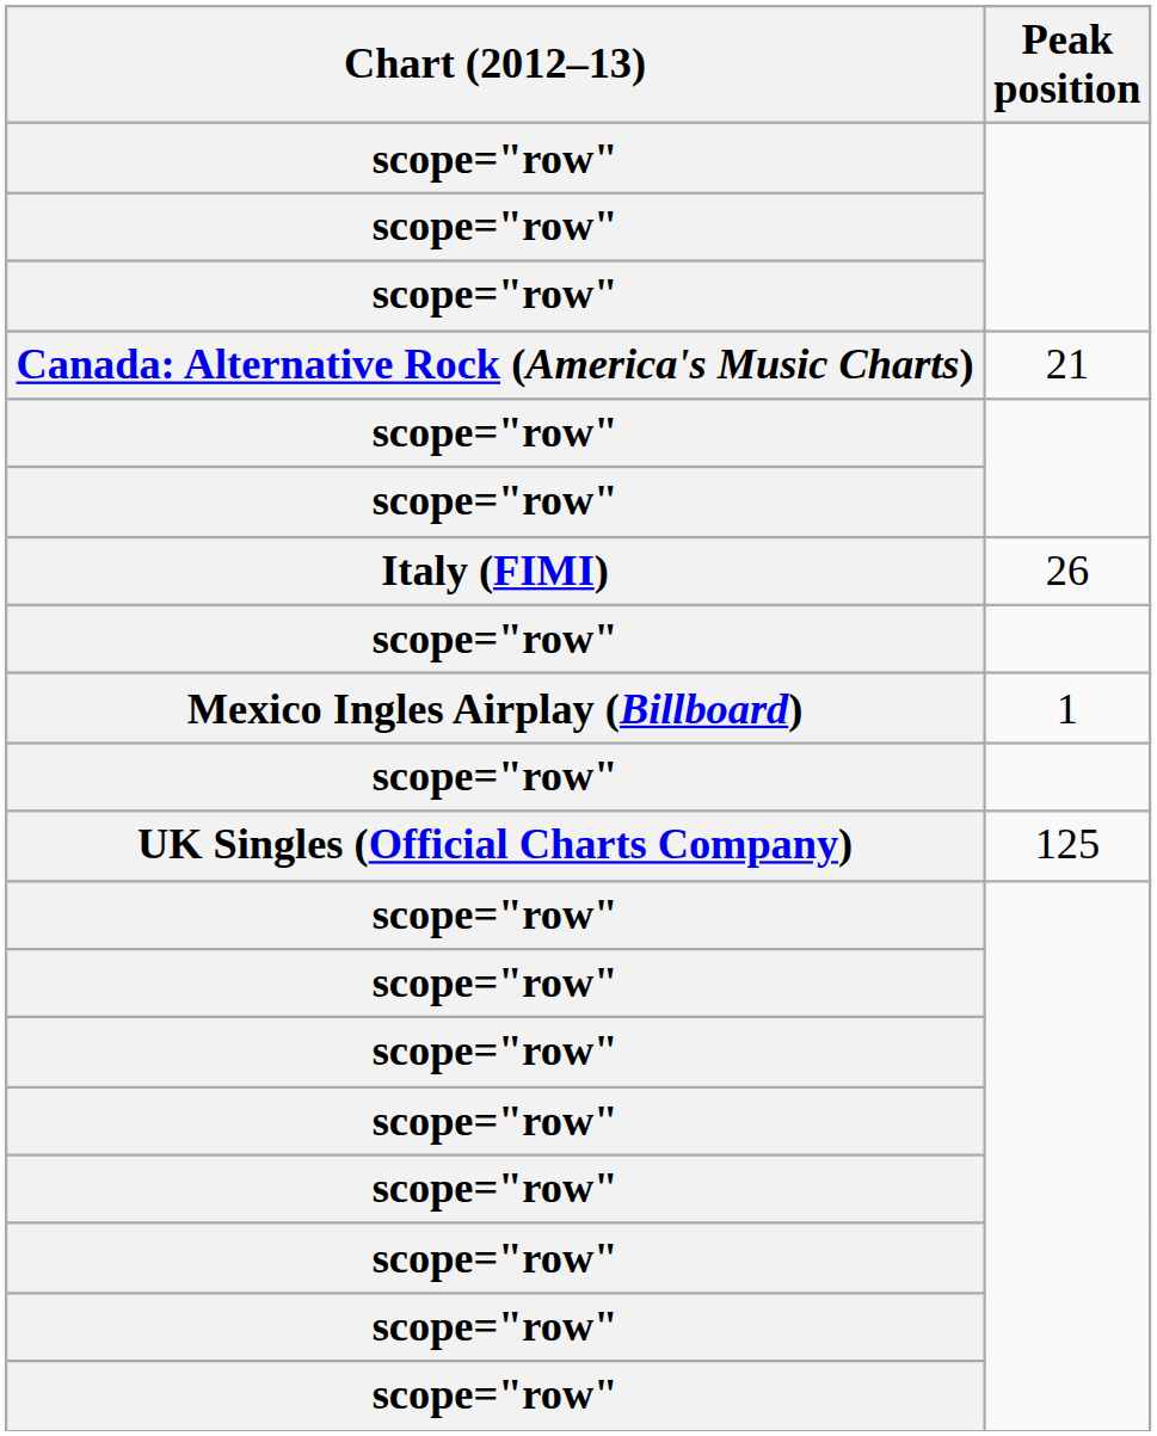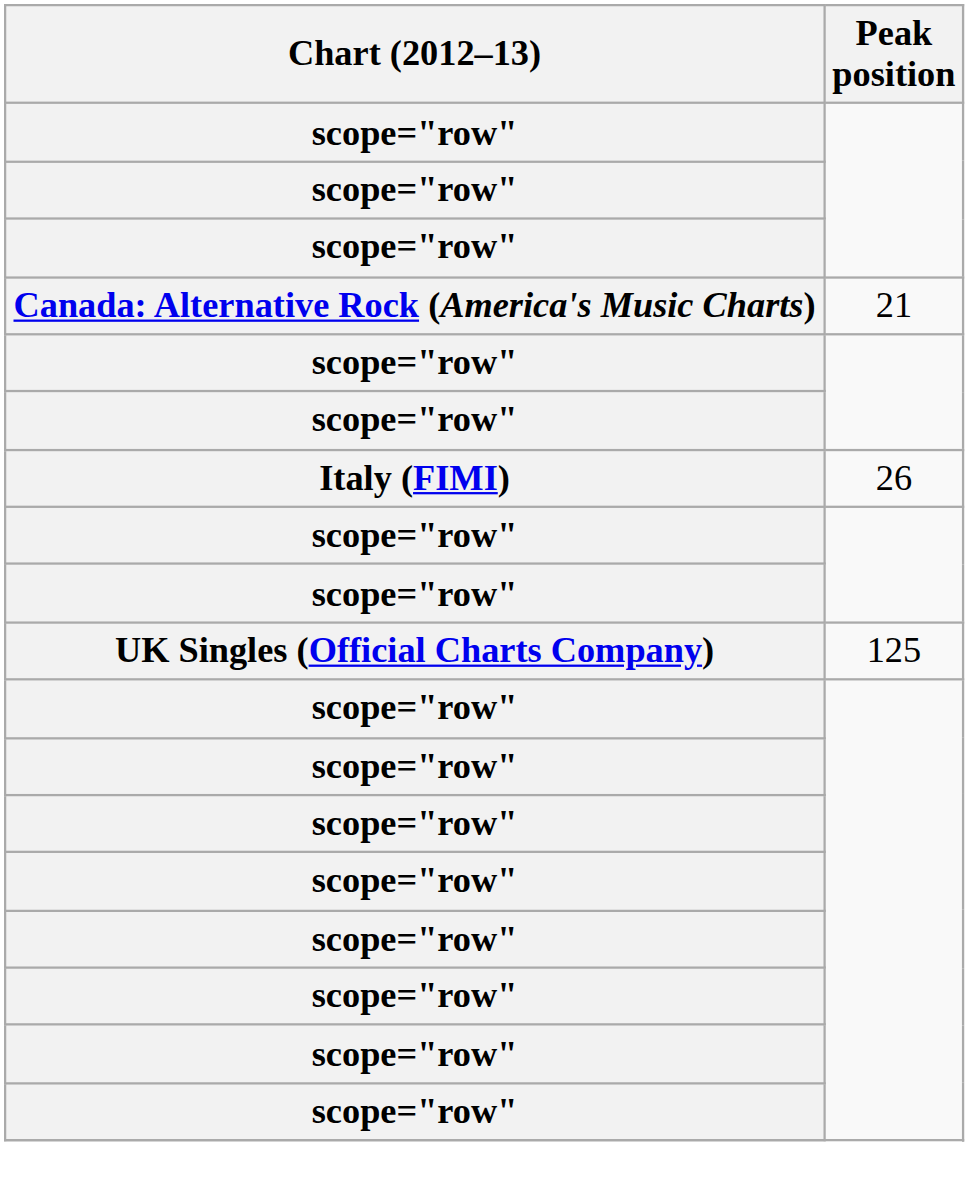 <table class="wikitable sortable plainrowheaders" style="text-align:center">
 <tr>
 <th>Chart (2012–13)</th>
 <th>Peak<br>position</th>
 </tr>
 <tr>
 <th>scope="row" </th>
 </tr>
 <tr>
 <th>scope="row" </th>
 </tr>
 <tr>
 <th>scope="row" </th>
 </tr>
 <tr>
 <th scope="row"><a href='#'>Canada: Alternative Rock</a> (<em>America's Music Charts</em>)</th>
 <td style="text-align:center;">21</td>
 </tr>
 <tr>
 <th>scope="row" </th>
 </tr>
 <tr>
 <th>scope="row" </th>
 </tr>
 <tr>
 <th scope="row">Italy (<a href='#'>FIMI</a>)</th>
 <td style="text-align:center;">26</td>
 </tr>
 <tr>
 <th>scope="row" </th>
-</tr>
-<tr>
-<th scope="row">Mexico Ingles Airplay (<em><a href='#'>Billboard</a></em>)</th>
-<td style="text-align:center;">1</td>
 </tr>
 <tr>
 <th>scope="row" </th>
 </tr>
 <tr>
 <th scope="row">UK Singles (<a href='#'>Official Charts Company</a>)</th>
 <td style="text-align:center;">125</td>
 </tr>
 <tr>
 <th>scope="row" </th>
 </tr>
 <tr>
 <th>scope="row" </th>
 </tr>
 <tr>
 <th>scope="row" </th>
 </tr>
 <tr>
 <th>scope="row" </th>
 </tr>
 <tr>
 <th>scope="row" </th>
 </tr>
 <tr>
 <th>scope="row" </th>
 </tr>
 <tr>
 <th>scope="row" </th>
 </tr>
 <tr>
 <th>scope="row" </th>
 </tr>
 <tr>
 </tr>
 </table>
